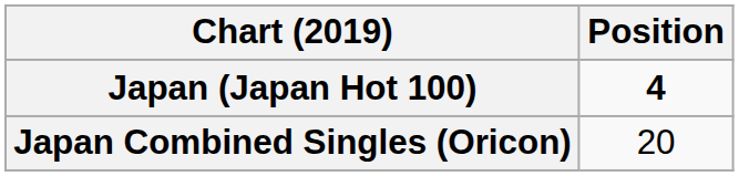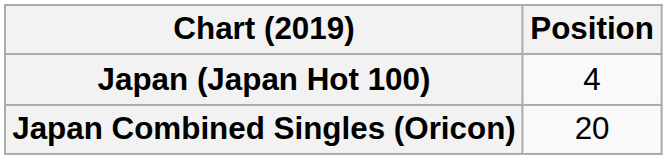 <table class="wikitable sortable plainrowheaders" style="text-align:center">
 <tr>
 <th scope="col">Chart (2019)</th>
 <th scope="col">Position</th>
 </tr>
 <tr>
 <th scope="row">Japan (Japan Hot 100)</th>
-<td><strong>4</strong></td>
+<td>4</td>
 </tr>
 <tr>
 <th scope="row">Japan Combined Singles (Oricon)</th>
 <td>20</td>
 </tr>
 </table>
